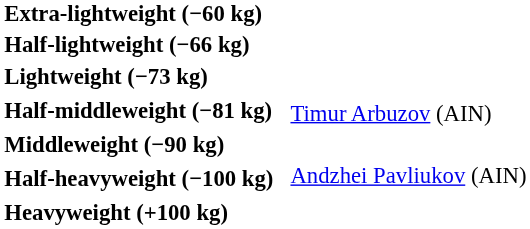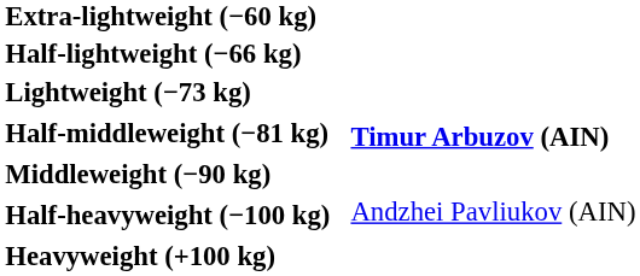 <table>
 <tr>
 <th rowspan=2 style="text-align:left;">Extra-lightweight (−60 kg)</th>
 <td rowspan=2></td>
 <td rowspan=2></td>
 <td></td>
 </tr>
 <tr>
 <td></td>
 </tr>
 <tr>
 <th rowspan=2 style="text-align:left;">Half-lightweight (−66 kg)</th>
 <td rowspan=2></td>
 <td rowspan=2></td>
 <td></td>
 </tr>
 <tr>
 <td></td>
 </tr>
 <tr>
 <th rowspan=2 style="text-align:left;">Lightweight (−73 kg)</th>
 <td rowspan=2></td>
 <td rowspan=2></td>
 <td></td>
 </tr>
 <tr>
 <td></td>
 </tr>
 <tr>
 <th rowspan=2 style="text-align:left;">Half-middleweight (−81 kg)</th>
 <td rowspan=2></td>
 <td rowspan=2></td>
 <td></td>
 </tr>
 <tr>
-<td> <a href='#'>Timur Arbuzov</a> <span>(<abbr>AIN</abbr>)</span></td>
+<td><strong> <a href='#'>Timur Arbuzov</a> <span>(<abbr>AIN</abbr>)</span></strong></td>
 </tr>
 <tr>
 <th rowspan=2 style="text-align:left;">Middleweight (−90 kg)</th>
 <td rowspan=2></td>
 <td rowspan=2></td>
 <td></td>
 </tr>
 <tr>
 <td></td>
 </tr>
 <tr>
 <th rowspan=2 style="text-align:left;">Half-heavyweight (−100 kg)</th>
 <td rowspan=2></td>
 <td rowspan=2></td>
 <td> <a href='#'>Andzhei Pavliukov</a> <span>(<abbr>AIN</abbr>)</span></td>
 </tr>
 <tr>
 <td></td>
 </tr>
 <tr>
 <th rowspan=2 style="text-align:left;">Heavyweight (+100 kg)</th>
 <td rowspan=2></td>
 <td rowspan=2></td>
 <td></td>
 </tr>
 <tr>
 <td></td>
 </tr>
 </table>
